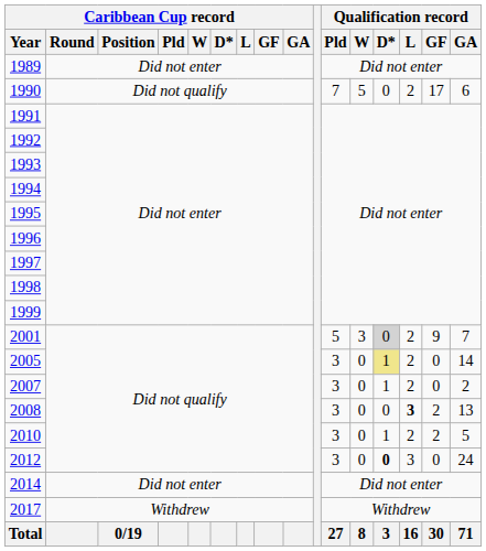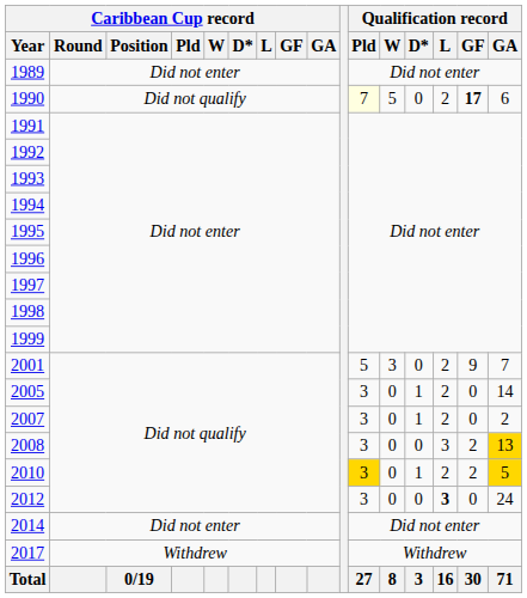 <table class="wikitable" style="text-align: center;">
 <tr>
 <th colspan=9><a href='#'>Caribbean Cup</a> record</th>
 <th !width=1% rowspan=22></th>
 <th colspan=6>Qualification record</th>
 </tr>
 <tr>
 <th>Year</th>
 <th>Round</th>
 <th>Position</th>
 <th>Pld</th>
 <th>W</th>
 <th>D*</th>
 <th>L</th>
 <th>GF</th>
 <th>GA</th>
 <th>Pld</th>
 <th>W</th>
 <th>D*</th>
 <th>L</th>
 <th>GF</th>
 <th>GA</th>
 </tr>
 <tr>
 <td> <a href='#'>1989</a></td>
 <td colspan=8><em>Did not enter</em></td>
 <td colspan=6><em>Did not enter</em></td>
 </tr>
 <tr>
 <td> <a href='#'>1990</a></td>
 <td colspan=8><em>Did not qualify</em></td>
-<td>7</td>
+<td style="background: lightyellow;">7</td>
 <td>5</td>
 <td>0</td>
 <td>2</td>
-<td>17</td>
+<td><strong>17</strong></td>
 <td>6</td>
 </tr>
 <tr>
 <td> <a href='#'>1991</a></td>
 <td rowspan=9 colspan=8><em>Did not enter</em></td>
 <td rowspan=9 colspan=6><em>Did not enter</em></td>
 </tr>
 <tr>
 <td> <a href='#'>1992</a></td>
 </tr>
 <tr>
 <td> <a href='#'>1993</a></td>
 </tr>
 <tr>
 <td> <a href='#'>1994</a></td>
 </tr>
 <tr>
 <td>  <a href='#'>1995</a></td>
 </tr>
 <tr>
 <td> <a href='#'>1996</a></td>
 </tr>
 <tr>
 <td>  <a href='#'>1997</a></td>
 </tr>
 <tr>
 <td>  <a href='#'>1998</a></td>
 </tr>
 <tr>
 <td> <a href='#'>1999</a></td>
 </tr>
 <tr>
 <td> <a href='#'>2001</a></td>
 <td rowspan=6 colspan=8><em>Did not qualify</em></td>
 <td>5</td>
 <td>3</td>
-<td style="background: lightgrey;">0</td>
+<td>0</td>
 <td>2</td>
 <td>9</td>
 <td>7</td>
 </tr>
 <tr>
 <td> <a href='#'>2005</a></td>
 <td>3</td>
 <td>0</td>
-<td style="background: khaki;">1</td>
+<td>1</td>
 <td>2</td>
 <td>0</td>
 <td>14</td>
 </tr>
 <tr>
 <td> <a href='#'>2007</a></td>
 <td>3</td>
 <td>0</td>
 <td>1</td>
 <td>2</td>
 <td>0</td>
 <td>2</td>
 </tr>
 <tr>
 <td> <a href='#'>2008</a></td>
 <td>3</td>
 <td>0</td>
 <td>0</td>
-<td><strong>3</strong></td>
+<td>3</td>
 <td>2</td>
-<td>13</td>
+<td style="background: gold;">13</td>
 </tr>
 <tr>
 <td> <a href='#'>2010</a></td>
-<td>3</td>
+<td style="background: gold;">3</td>
 <td>0</td>
 <td>1</td>
 <td>2</td>
 <td>2</td>
-<td>5</td>
+<td style="background: gold;">5</td>
 </tr>
 <tr>
 <td> <a href='#'>2012</a></td>
 <td>3</td>
 <td>0</td>
-<td><strong>0</strong></td>
-<td>3</td>
+<td>0</td>
+<td><strong>3</strong></td>
 <td>0</td>
 <td>24</td>
 </tr>
 <tr>
 <td> <a href='#'>2014</a></td>
 <td Colspan=8><em>Did not enter</em></td>
 <td Colspan=6><em>Did not enter</em></td>
 </tr>
 <tr>
 <td> <a href='#'>2017</a></td>
 <td Colspan=8><em>Withdrew</em></td>
 <td Colspan=6><em>Withdrew</em></td>
 </tr>
 <tr>
 <th>Total</th>
 <th></th>
 <th>0/19</th>
 <th></th>
 <th></th>
 <th></th>
 <th></th>
 <th></th>
 <th></th>
 <th>27</th>
 <th>8</th>
 <th>3</th>
 <th>16</th>
 <th>30</th>
 <th>71</th>
 </tr>
 </table>
